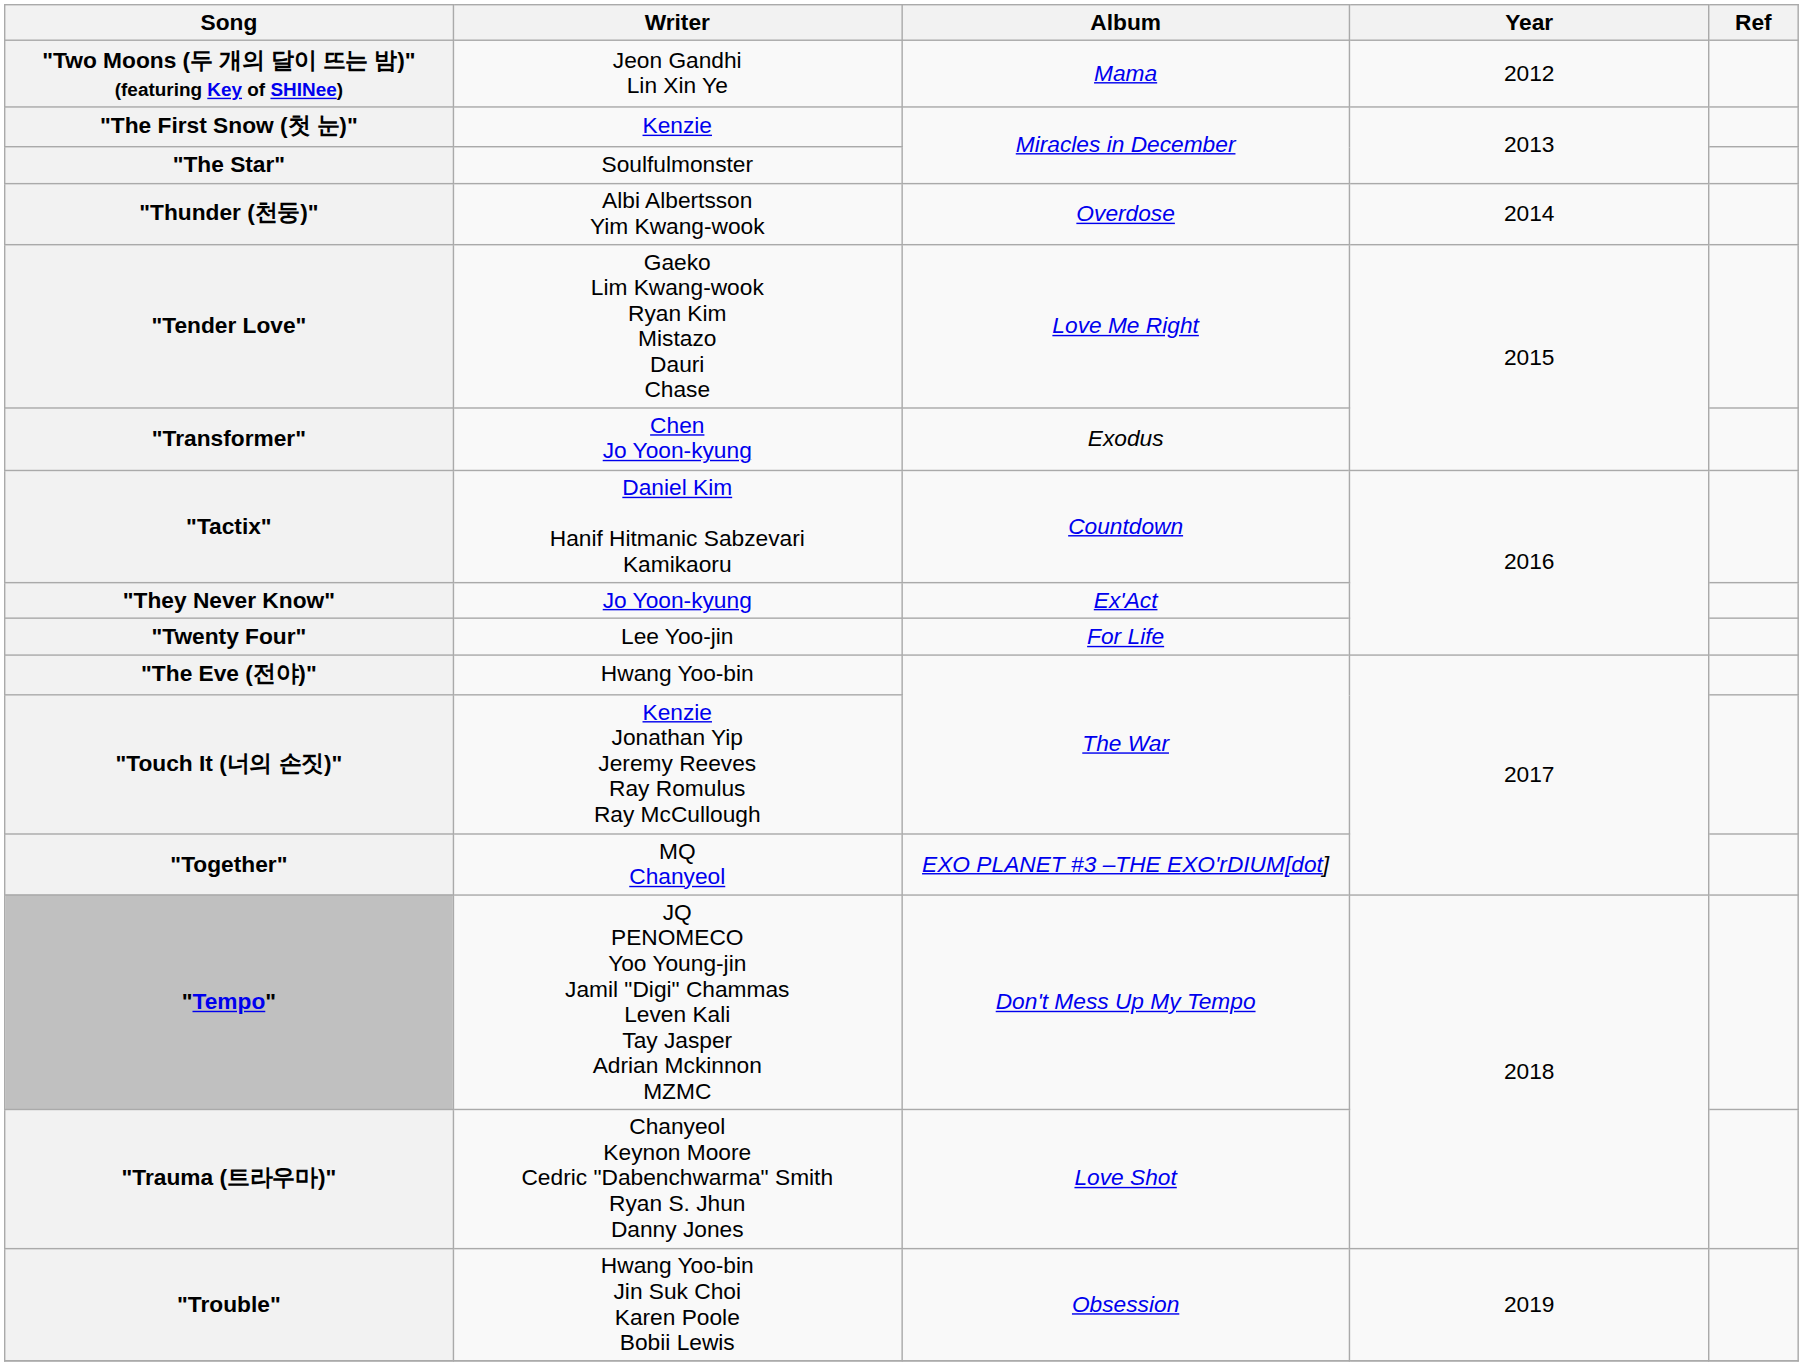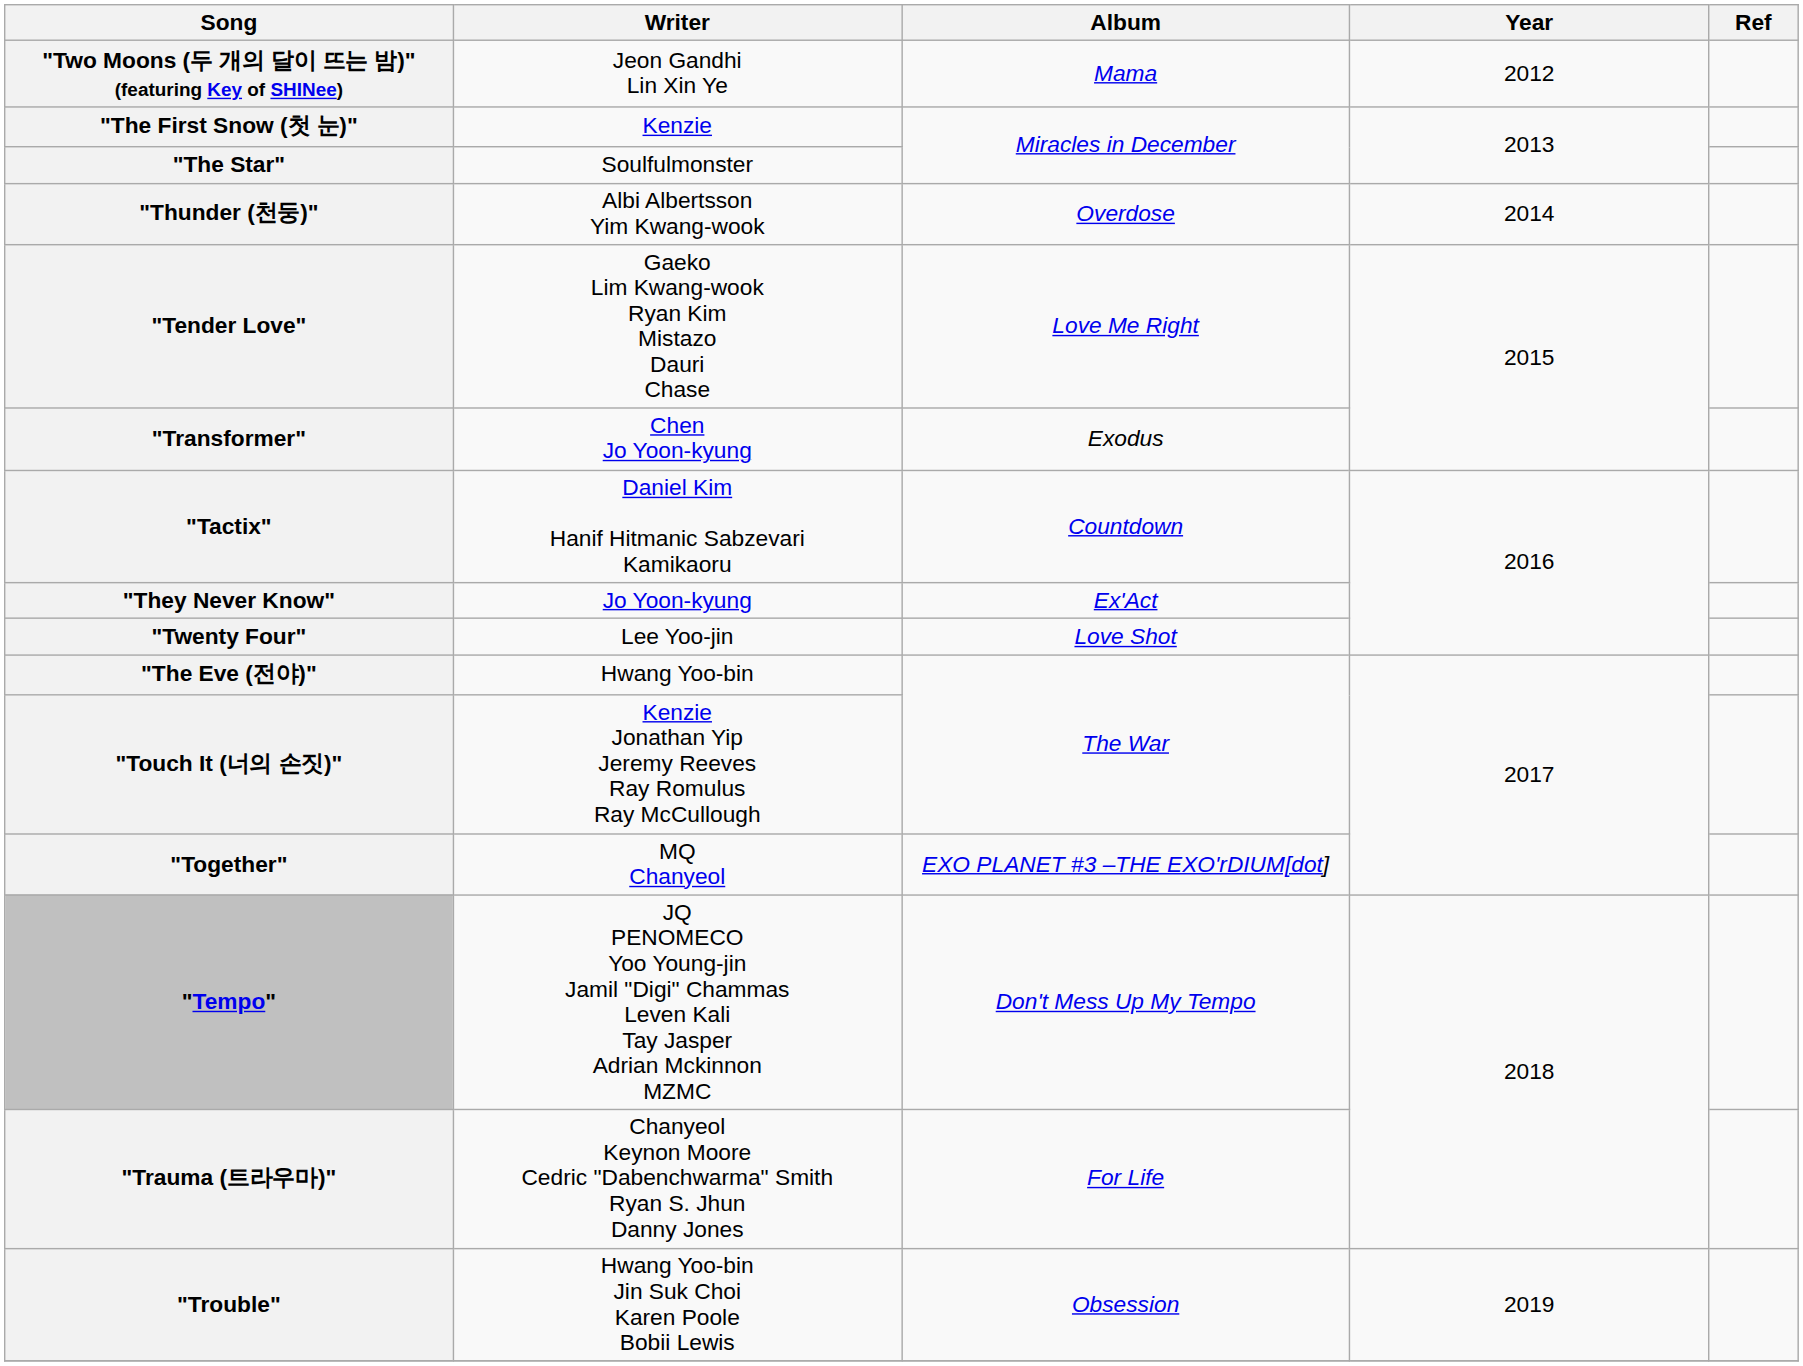 <table class="wikitable" style="text-align:center; width:100%">
 <tr>
 <th style="width:25%">Song</th>
 <th style="width:25%">Writer</th>
 <th style="width:25%">Album</th>
 <th style="width:20%">Year</th>
 <th style="width:5%">Ref</th>
 </tr>
 <tr>
 <th scope="row">"Two Moons (두 개의 달이 뜨는 밤)" <small>(featuring <a href='#'>Key</a> of <a href='#'>SHINee</a>)</small></th>
 <td>Jeon Gandhi<br>Lin Xin Ye</td>
 <td><em><a href='#'>Mama</a></em></td>
 <td>2012</td>
 <td></td>
 </tr>
 <tr>
 <th scope="row">"The First Snow (첫 눈)"</th>
 <td><a href='#'>Kenzie</a></td>
 <td rowspan="2"><em><a href='#'>Miracles in December</a></em></td>
 <td rowspan="2">2013</td>
 <td></td>
 </tr>
 <tr>
 <th scope="row">"The Star"</th>
 <td>Soulfulmonster</td>
 <td></td>
 </tr>
 <tr>
 <th scope="row">"Thunder (천둥)"</th>
 <td>Albi Albertsson<br>Yim Kwang-wook</td>
 <td><em><a href='#'>Overdose</a></em></td>
 <td>2014</td>
 <td></td>
 </tr>
 <tr>
 <th scope="row">"Tender Love"</th>
 <td>Gaeko<br> Lim Kwang-wook<br> Ryan Kim<br> Mistazo<br> Dauri<br> Chase</td>
 <td><em><a href='#'>Love Me Right</a></em></td>
 <td rowspan="2">2015</td>
 <td></td>
 </tr>
 <tr>
 <th scope="row">"Transformer"</th>
 <td><a href='#'>Chen</a><br><a href='#'>Jo Yoon-kyung</a></td>
 <td><em>Exodus</em></td>
 <td></td>
 </tr>
 <tr>
 <th scope="row">"Tactix"</th>
 <td><a href='#'>Daniel Kim</a><br><br>Hanif Hitmanic Sabzevari<br> Kamikaoru<br></td>
 <td><em><a href='#'>Countdown</a></em></td>
 <td rowspan="3">2016</td>
 <td></td>
 </tr>
 <tr>
 <th scope="row">"They Never Know"</th>
 <td><a href='#'>Jo Yoon-kyung</a></td>
 <td><em><a href='#'>Ex'Act</a></em></td>
 <td></td>
 </tr>
 <tr>
 <th scope="row">"Twenty Four"</th>
 <td>Lee Yoo-jin</td>
-<td><em><a href='#'>For Life</a></em></td>
+<td><em><a href='#'>Love Shot</a></em></td>
 <td></td>
 </tr>
 <tr>
 <th scope="row">"The Eve (전야)"</th>
 <td>Hwang Yoo-bin</td>
 <td rowspan="2"><em><a href='#'>The War</a></em></td>
 <td rowspan="3">2017</td>
 <td></td>
 </tr>
 <tr>
 <th scope="row">"Touch It (너의 손짓)"</th>
 <td><a href='#'>Kenzie</a><br> Jonathan Yip<br> Jeremy Reeves<br> Ray Romulus<br> Ray McCullough</td>
 <td></td>
 </tr>
 <tr>
 <th scope="row">"Together"</th>
 <td>MQ<br><a href='#'>Chanyeol</a></td>
 <td><em><a href='#'>EXO PLANET #3 –THE EXO'rDIUM[dot</a>]</em></td>
 <td></td>
 </tr>
 <tr>
 <th scope="row" style="background-color:#C0C0C0">"<a href='#'>Tempo</a>" </th>
 <td>JQ<br>PENOMECO<br>Yoo Young-jin<br>Jamil "Digi" Chammas<br>Leven Kali<br>Tay Jasper<br>Adrian Mckinnon<br>MZMC</td>
 <td><em><a href='#'>Don't Mess Up My Tempo</a></em></td>
 <td rowspan="2">2018</td>
 <td></td>
 </tr>
 <tr>
 <th scope="row">"Trauma (트라우마)"</th>
 <td>Chanyeol<br>Keynon Moore<br>Cedric "Dabenchwarma" Smith<br>Ryan S. Jhun<br>Danny Jones</td>
-<td><em><a href='#'>Love Shot</a></em></td>
+<td><em><a href='#'>For Life</a></em></td>
 <td></td>
 </tr>
 <tr>
 <th scope="row">"Trouble"</th>
 <td>Hwang Yoo-bin<br>Jin Suk Choi<br>Karen Poole<br>Bobii Lewis</td>
 <td><em><a href='#'>Obsession</a></em></td>
 <td>2019</td>
 <td></td>
 </tr>
 <tr>
 </tr>
 </table>
